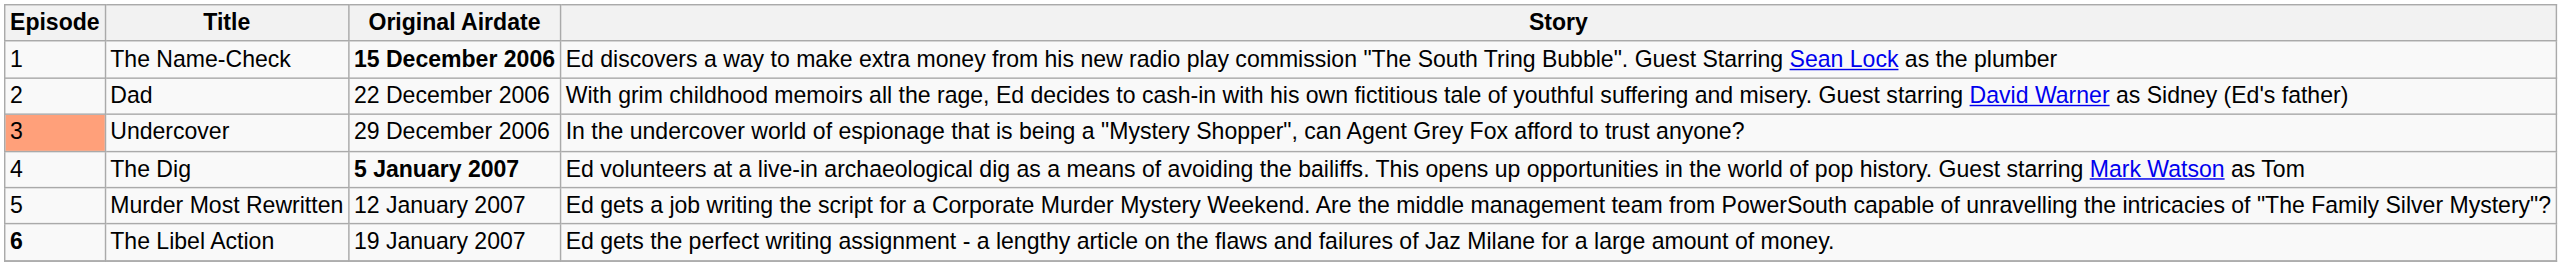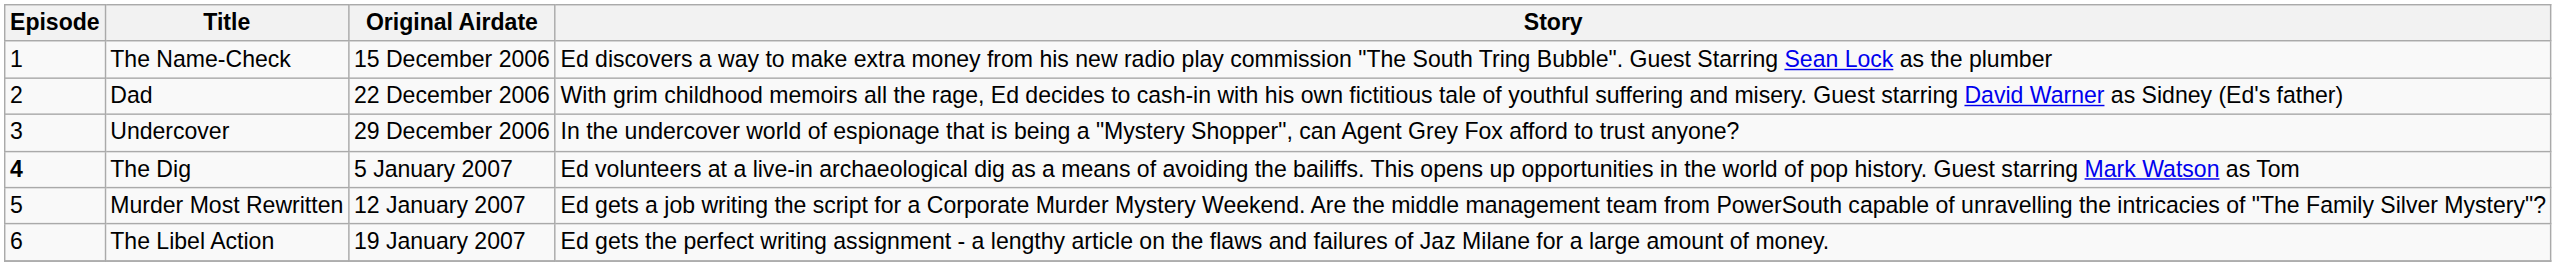 <table class="wikitable">
 <tr>
 <th>Episode</th>
 <th>Title</th>
 <th>Original Airdate</th>
 <th>Story</th>
 </tr>
 <tr --->
 <td>1</td>
 <td>The Name-Check</td>
-<td><strong>15 December 2006</strong></td>
+<td>15 December 2006</td>
 <td>Ed discovers a way to make extra money from his new radio play commission "The South Tring Bubble". Guest Starring <a href='#'>Sean Lock</a> as the plumber</td>
 </tr>
 <tr --->
 <td>2</td>
 <td>Dad</td>
 <td>22 December 2006</td>
 <td>With grim childhood memoirs all the rage, Ed decides to cash-in with his own fictitious tale of youthful suffering and misery. Guest starring <a href='#'>David Warner</a> as Sidney (Ed's father)</td>
 </tr>
 <tr --->
-<td style="background: lightsalmon;">3</td>
+<td>3</td>
 <td>Undercover</td>
 <td>29 December 2006</td>
 <td>In the undercover world of espionage that is being a "Mystery Shopper", can Agent Grey Fox afford to trust anyone?</td>
 </tr>
 <tr --->
-<td>4</td>
+<td><strong>4</strong></td>
 <td>The Dig</td>
-<td><strong>5 January 2007</strong></td>
+<td>5 January 2007</td>
 <td>Ed volunteers at a live-in archaeological dig as a means of avoiding the bailiffs. This opens up opportunities in the world of pop history. Guest starring <a href='#'>Mark Watson</a> as Tom</td>
 </tr>
 <tr --->
 <td>5</td>
 <td>Murder Most Rewritten</td>
 <td>12 January 2007</td>
 <td>Ed gets a job writing the script for a Corporate Murder Mystery Weekend. Are the middle management team from PowerSouth capable of unravelling the intricacies of "The Family Silver Mystery"?</td>
 </tr>
 <tr --->
-<td><strong>6</strong></td>
+<td>6</td>
 <td>The Libel Action</td>
 <td>19 January 2007</td>
 <td>Ed gets the perfect writing assignment - a lengthy article on the flaws and failures of Jaz Milane for a large amount of money.</td>
 </tr>
 <tr --->
 </tr>
 </table>
